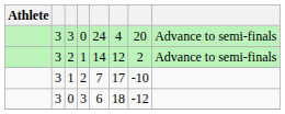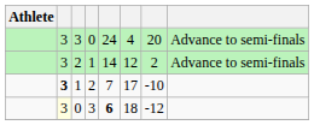 <table class=wikitable style="text-align:center">
 <tr>
 <th>Athlete</th>
 <th></th>
 <th></th>
 <th></th>
 <th></th>
 <th></th>
 <th></th>
 <th></th>
 </tr>
 <tr bgcolor=bbf3bb>
 <td style="text-align:left"></td>
 <td>3</td>
 <td>3</td>
 <td>0</td>
 <td>24</td>
 <td>4</td>
 <td>20</td>
 <td>Advance to semi-finals</td>
 </tr>
 <tr bgcolor=bbf3bb>
 <td style="text-align:left"></td>
 <td>3</td>
 <td>2</td>
 <td>1</td>
 <td>14</td>
 <td>12</td>
 <td>2</td>
 <td>Advance to semi-finals</td>
 </tr>
 <tr>
 <td style="text-align:left"></td>
-<td>3</td>
+<td><strong>3</strong></td>
 <td>1</td>
 <td>2</td>
 <td>7</td>
 <td>17</td>
 <td>-10</td>
 <td></td>
 </tr>
 <tr>
 <td style="text-align:left"></td>
-<td>3</td>
+<td style="background: lightyellow;">3</td>
 <td>0</td>
 <td>3</td>
-<td>6</td>
+<td><strong>6</strong></td>
 <td>18</td>
 <td>-12</td>
 <td></td>
 </tr>
 <tr>
 </tr>
 </table>
